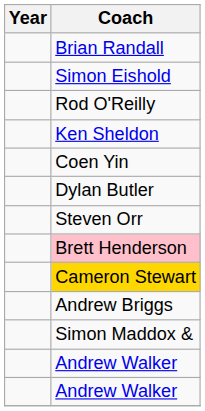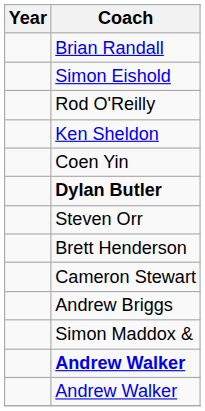 <table class="wikitable">
 <tr>
 <th>Year</th>
 <th>Coach</th>
 </tr>
 <tr>
 <td></td>
 <td><a href='#'>Brian Randall</a></td>
 </tr>
 <tr>
 <td></td>
 <td><a href='#'>Simon Eishold</a></td>
 </tr>
 <tr>
 <td></td>
 <td>Rod O'Reilly</td>
 </tr>
 <tr>
 <td></td>
 <td><a href='#'>Ken Sheldon</a></td>
 </tr>
 <tr>
 <td></td>
 <td>Coen Yin</td>
 </tr>
 <tr>
 <td></td>
-<td>Dylan Butler</td>
+<td><strong>Dylan Butler</strong></td>
 </tr>
 <tr>
 <td></td>
 <td>Steven Orr</td>
 </tr>
 <tr>
 <td></td>
-<td style="background: pink;">Brett Henderson</td>
+<td>Brett Henderson</td>
 </tr>
 <tr>
 <td></td>
-<td style="background: gold;">Cameron Stewart</td>
+<td>Cameron Stewart</td>
 </tr>
 <tr>
 <td></td>
 <td>Andrew Briggs</td>
 </tr>
 <tr>
 <td></td>
 <td>Simon Maddox &</td>
 </tr>
 <tr>
 <td></td>
-<td><a href='#'>Andrew Walker</a></td>
+<td><strong><a href='#'>Andrew Walker</a></strong></td>
 </tr>
 <tr>
 <td></td>
 <td><a href='#'>Andrew Walker</a></td>
 </tr>
 <tr>
 </tr>
 </table>
